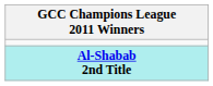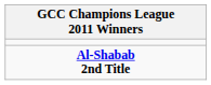 <table class="wikitable" style="text-align: center; margin: 0 auto; width: 20%">
 <tr>
 <th>GCC Champions League <br>2011 Winners</th>
 </tr>
 <tr>
 <td></td>
 </tr>
 <tr>
-<td style="background: paleturquoise;"><strong><a href='#'>Al-Shabab</a></strong><br><strong>2nd Title</strong></td>
+<td><strong><a href='#'>Al-Shabab</a></strong><br><strong>2nd Title</strong></td>
 </tr>
 </table>
